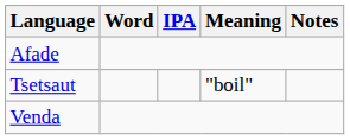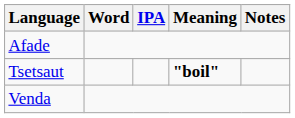 <table class=wikitable>
 <tr>
 <th colspan=2>Language</th>
 <th>Word</th>
 <th><a href='#'>IPA</a></th>
 <th>Meaning</th>
 <th>Notes</th>
 </tr>
 <tr>
 <td colspan=2><a href='#'>Afade</a></td>
 <td colspan=4></td>
 </tr>
 <tr>
 <td colspan=2><a href='#'>Tsetsaut</a></td>
 <td></td>
 <td></td>
-<td>"boil"</td>
+<td><strong>"boil"</strong></td>
 <td></td>
 </tr>
 <tr>
 <td colspan=2><a href='#'>Venda</a></td>
 <td colspan=4></td>
 </tr>
 </table>
